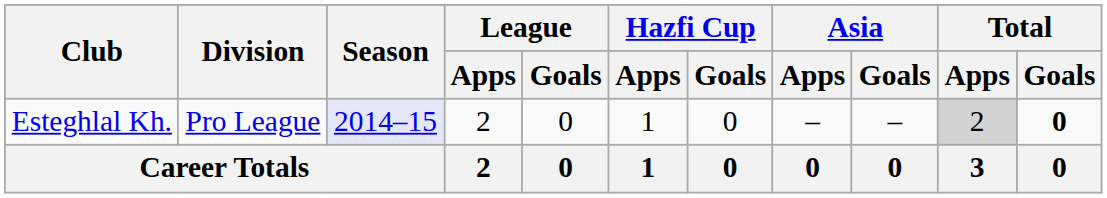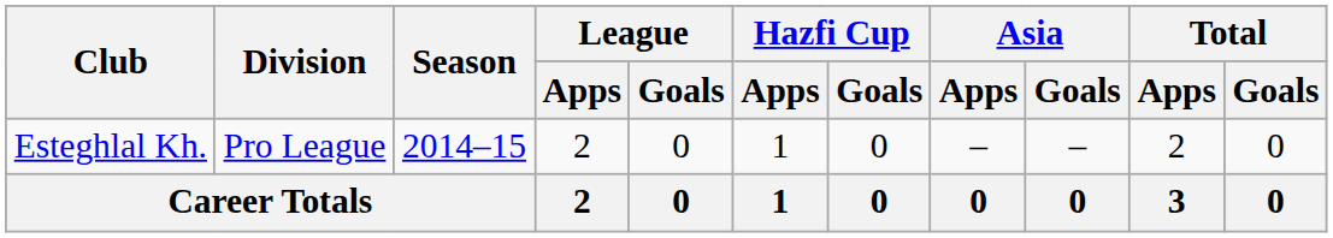 <table class="wikitable" style="text-align: center;">
 <tr>
 <th rowspan="2">Club</th>
 <th rowspan="2">Division</th>
 <th rowspan="2">Season</th>
 <th colspan="2">League</th>
 <th colspan="2"><a href='#'>Hazfi Cup</a></th>
 <th colspan="2"><a href='#'>Asia</a></th>
 <th colspan="2">Total</th>
 </tr>
 <tr>
 <th>Apps</th>
 <th>Goals</th>
 <th>Apps</th>
 <th>Goals</th>
 <th>Apps</th>
 <th>Goals</th>
 <th>Apps</th>
 <th>Goals</th>
 </tr>
 <tr>
 <td><a href='#'>Esteghlal Kh.</a></td>
 <td><a href='#'>Pro League</a></td>
-<td style="background: lavender;"><a href='#'>2014–15</a></td>
+<td><a href='#'>2014–15</a></td>
 <td>2</td>
 <td>0</td>
 <td>1</td>
 <td>0</td>
 <td>–</td>
 <td>–</td>
-<td style="background: lightgrey;">2</td>
-<td><strong>0</strong></td>
+<td>2</td>
+<td>0</td>
 </tr>
 <tr>
 <th colspan=3>Career Totals</th>
 <th>2</th>
 <th>0</th>
 <th>1</th>
 <th>0</th>
 <th>0</th>
 <th>0</th>
 <th>3</th>
 <th>0</th>
 </tr>
 </table>
